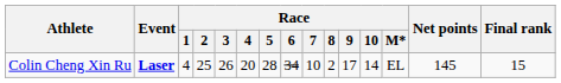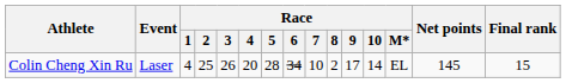 <table class="wikitable" style="font-size:90%">
 <tr>
 <th rowspan="2">Athlete</th>
 <th rowspan="2">Event</th>
 <th colspan=11>Race</th>
 <th rowspan=2>Net points</th>
 <th rowspan=2>Final rank</th>
 </tr>
 <tr style="font-size:95%">
 <th>1</th>
 <th>2</th>
 <th>3</th>
 <th>4</th>
 <th>5</th>
 <th>6</th>
 <th>7</th>
 <th>8</th>
 <th>9</th>
 <th>10</th>
 <th>M*</th>
 </tr>
 <tr align=center>
 <td align=left><a href='#'>Colin Cheng Xin Ru</a></td>
-<td align=left><strong><a href='#'>Laser</a></strong></td>
+<td align=left><a href='#'>Laser</a></td>
 <td>4</td>
 <td>25</td>
 <td>26</td>
 <td>20</td>
 <td>28</td>
 <td><s>34</s></td>
 <td>10</td>
 <td>2</td>
 <td>17</td>
 <td>14</td>
 <td>EL</td>
 <td>145</td>
 <td>15</td>
 </tr>
 </table>
